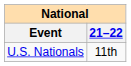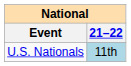 <table class="wikitable" style="text-align:center">
 <tr>
 <th colspan="2" style="background-color: #ffdead; " align="center">National</th>
 </tr>
 <tr>
 <th>Event</th>
 <th><a href='#'>21–22</a></th>
 </tr>
 <tr>
 <td><a href='#'>U.S. Nationals</a></td>
-<td>11th</td>
+<td style="background: lightblue;">11th</td>
 </tr>
 </table>
